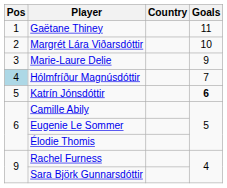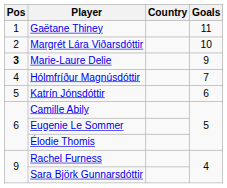 <table class="wikitable">
 <tr>
 <th>Pos</th>
 <th>Player</th>
 <th>Country</th>
 <th>Goals</th>
 </tr>
 <tr>
 <td rowspan="1" align=center>1</td>
 <td><a href='#'>Gaëtane Thiney</a></td>
 <td></td>
 <td rowspan="1" align=center>11</td>
 </tr>
 <tr>
 <td rowspan="1" align=center>2</td>
 <td><a href='#'>Margrét Lára Viðarsdóttir</a></td>
 <td></td>
 <td rowspan="1" align=center>10</td>
 </tr>
 <tr>
-<td rowspan="1" align=center>3</td>
+<td rowspan="1" align=center><strong>3</strong></td>
 <td><a href='#'>Marie-Laure Delie</a></td>
 <td></td>
 <td rowspan="1" align=center>9</td>
 </tr>
 <tr>
-<td rowspan="1" align=center style="background: lightblue;">4</td>
+<td rowspan="1" align=center>4</td>
 <td><a href='#'>Hólmfríður Magnúsdóttir</a></td>
 <td></td>
 <td rowspan="1" align=center>7</td>
 </tr>
 <tr>
 <td rowspan="1" align=center>5</td>
 <td><a href='#'>Katrín Jónsdóttir</a></td>
 <td></td>
-<td rowspan="1" align=center><strong>6</strong></td>
+<td rowspan="1" align=center>6</td>
 </tr>
 <tr>
 <td rowspan="3" align=center>6</td>
 <td><a href='#'>Camille Abily</a></td>
 <td></td>
 <td rowspan="3" align=center>5</td>
 </tr>
 <tr>
 <td><a href='#'>Eugenie Le Sommer</a></td>
 <td></td>
 </tr>
 <tr>
 <td><a href='#'>Élodie Thomis</a></td>
 <td></td>
 </tr>
 <tr>
 <td rowspan="2" align=center>9</td>
 <td><a href='#'>Rachel Furness</a></td>
 <td></td>
 <td rowspan="2" align=center>4</td>
 </tr>
 <tr>
 <td><a href='#'>Sara Björk Gunnarsdóttir</a></td>
 <td></td>
 </tr>
 </table>
